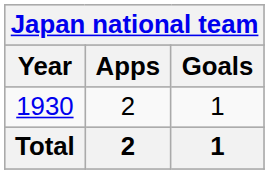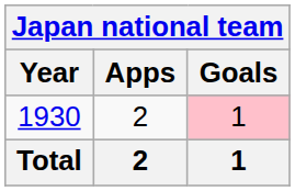 <table class="wikitable" style="text-align:center">
 <tr>
 <th colspan=3><a href='#'>Japan national team</a></th>
 </tr>
 <tr>
 <th>Year</th>
 <th>Apps</th>
 <th>Goals</th>
 </tr>
 <tr>
 <td><a href='#'>1930</a></td>
 <td>2</td>
-<td>1</td>
+<td style="background: pink;">1</td>
 </tr>
 <tr>
 <th>Total</th>
 <th>2</th>
 <th>1</th>
 </tr>
 </table>
